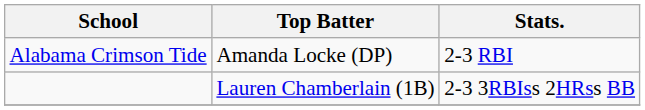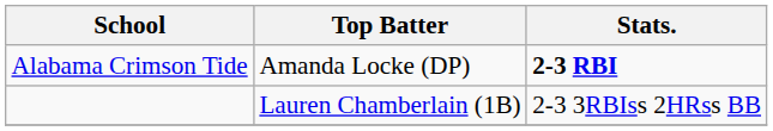 <table class="wikitable">
 <tr>
 <th>School</th>
 <th>Top Batter</th>
 <th>Stats.</th>
 </tr>
 <tr>
 <td><a href='#'>Alabama Crimson Tide</a></td>
 <td>Amanda Locke (DP)</td>
-<td>2-3  <a href='#'>RBI</a></td>
+<td><strong>2-3  <a href='#'>RBI</a></strong></td>
 </tr>
 <tr>
 <td></td>
 <td><a href='#'>Lauren Chamberlain</a> (1B)</td>
 <td>2-3  3<a href='#'>RBIs</a>s  2<a href='#'>HRs</a>s  <a href='#'>BB</a></td>
 </tr>
 <tr>
 </tr>
 </table>
